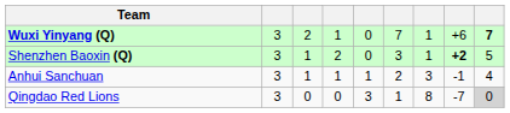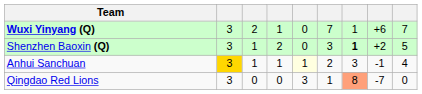 <table class="wikitable" style="text-align:center;">
 <tr>
 <th width=310>Team</th>
 <th width=30></th>
 <th width=30></th>
 <th width=30></th>
 <th width=30></th>
 <th width=30></th>
 <th width=30></th>
 <th width=30></th>
 <th width=30></th>
 </tr>
 <tr bgcolor="#ccffcc">
 <td align="left"><strong><a href='#'>Wuxi Yinyang</a> (Q)</strong></td>
 <td>3</td>
 <td>2</td>
 <td>1</td>
 <td>0</td>
 <td>7</td>
 <td>1</td>
 <td>+6</td>
-<td><strong>7</strong></td>
+<td>7</td>
 </tr>
 <tr bgcolor="#ccffcc">
 <td align="left"><a href='#'>Shenzhen Baoxin</a> <strong>(Q)</strong></td>
 <td>3</td>
 <td>1</td>
 <td>2</td>
 <td>0</td>
 <td>3</td>
-<td>1</td>
-<td><strong>+2</strong></td>
+<td><strong>1</strong></td>
+<td>+2</td>
 <td>5</td>
 </tr>
 <tr>
 <td align="left"><a href='#'>Anhui Sanchuan</a></td>
-<td>3</td>
+<td style="background: gold;">3</td>
 <td>1</td>
 <td>1</td>
-<td>1</td>
+<td style="background: lightyellow;">1</td>
 <td>2</td>
 <td>3</td>
 <td>-1</td>
 <td>4</td>
 </tr>
 <tr>
 <td align="left"><a href='#'>Qingdao Red Lions</a></td>
 <td>3</td>
 <td>0</td>
 <td>0</td>
 <td>3</td>
 <td>1</td>
-<td>8</td>
+<td style="background: lightsalmon;">8</td>
 <td>-7</td>
-<td style="background: lightgrey;">0</td>
+<td>0</td>
 </tr>
 </table>
